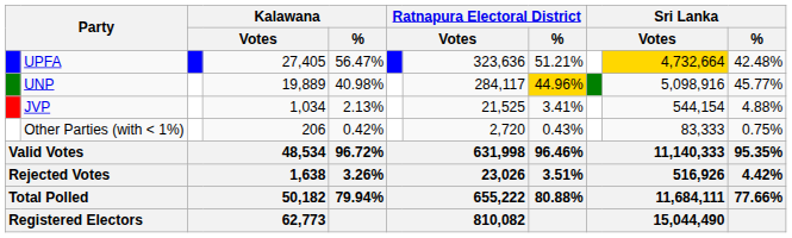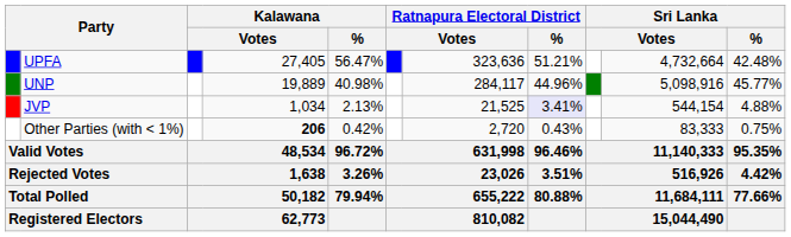 <table class="wikitable">
 <tr>
 <th colspan="2" width="144px"rowspan="2">Party</th>
 <th colspan="3" width="216px">Kalawana</th>
 <th colspan="3" width="216px"><a href='#'>Ratnapura Electoral District</a></th>
 <th colspan="3" width="216px">Sri Lanka</th>
 </tr>
 <tr>
 <th colspan="2" width="144px">Votes</th>
 <th>%</th>
 <th colspan="2" width="144px">Votes</th>
 <th>%</th>
 <th colspan="2" width="144px">Votes</th>
 <th>%</th>
 </tr>
 <tr>
 <td style="background-color:blue;" width="10px"></td>
 <td style="text-align:left;"><a href='#'>UPFA</a></td>
 <td style="background-color:blue;" width="10px"></td>
 <td style="text-align:right;">27,405</td>
 <td style="text-align:right;">56.47%</td>
 <td style="background-color:blue;" width="10px"></td>
 <td style="text-align:right;">323,636</td>
 <td style="text-align:right;">51.21%</td>
 <td style="background-color:white;" width="10px"></td>
-<td style="background: gold; text-align:right;">4,732,664</td>
+<td style="text-align:right;">4,732,664</td>
 <td style="text-align:right;">42.48%</td>
 </tr>
 <tr>
 <td style="background-color:green;" width="10px"></td>
 <td style="text-align:left;"><a href='#'>UNP</a></td>
 <td style="background-color:white;" width="10px"></td>
 <td style="text-align:right;">19,889</td>
 <td style="text-align:right;">40.98%</td>
 <td style="background-color:white;" width="10px"></td>
 <td style="text-align:right;">284,117</td>
-<td style="background: gold; text-align:right;">44.96%</td>
+<td style="text-align:right;">44.96%</td>
 <td style="background-color:green;" width="10px"></td>
 <td style="text-align:right;">5,098,916</td>
 <td style="text-align:right;">45.77%</td>
 </tr>
 <tr>
 <td style="background-color:red;" width="10px"></td>
 <td style="text-align:left;"><a href='#'>JVP</a></td>
 <td style="background-color:white;" width="10px"></td>
 <td style="text-align:right;">1,034</td>
 <td style="text-align:right;">2.13%</td>
 <td style="background-color:white;" width="10px"></td>
 <td style="text-align:right;">21,525</td>
-<td style="text-align:right;">3.41%</td>
+<td style="background: lavender; text-align:right;">3.41%</td>
 <td style="background-color:white;" width="10px"></td>
 <td style="text-align:right;">544,154</td>
 <td style="text-align:right;">4.88%</td>
 </tr>
 <tr>
 <td style="background-color:white;" width="10px"></td>
 <td style="text-align:left;">Other Parties (with < 1%)</td>
 <td style="background-color:white;" width="10px"></td>
-<td style="text-align:right;">206</td>
+<td style="text-align:right;"><strong>206</strong></td>
 <td style="text-align:right;">0.42%</td>
 <td style="background-color:white;" width="10px"></td>
 <td style="text-align:right;">2,720</td>
 <td style="text-align:right;">0.43%</td>
 <td style="background-color:white;" width="10px"></td>
 <td style="text-align:right;">83,333</td>
 <td style="text-align:right;">0.75%</td>
 </tr>
 <tr>
 <th colspan="2" width="144px"style="text-align:left;">Valid Votes</th>
 <th style="text-align:right;"colspan="2" width="144px">48,534</th>
 <th style="text-align:right;">96.72%</th>
 <th style="text-align:right;"colspan="2" width="144px">631,998</th>
 <th style="text-align:right;">96.46%</th>
 <th style="text-align:right;"colspan="2" width="144px">11,140,333</th>
 <th style="text-align:right;">95.35%</th>
 </tr>
 <tr>
 <th colspan="2" width="144px"style="text-align:left;">Rejected Votes</th>
 <th style="text-align:right;"colspan="2" width="144px">1,638</th>
 <th style="text-align:right;">3.26%</th>
 <th style="text-align:right;"colspan="2" width="144px">23,026</th>
 <th style="text-align:right;">3.51%</th>
 <th style="text-align:right;"colspan="2" width="144px">516,926</th>
 <th style="text-align:right;">4.42%</th>
 </tr>
 <tr>
 <th colspan="2" width="144px"style="text-align:left;">Total Polled</th>
 <th style="text-align:right;"colspan="2" width="144px">50,182</th>
 <th style="text-align:right;">79.94%</th>
 <th style="text-align:right;"colspan="2" width="144px">655,222</th>
 <th style="text-align:right;">80.88%</th>
 <th style="text-align:right;"colspan="2" width="144px">11,684,111</th>
 <th style="text-align:right;">77.66%</th>
 </tr>
 <tr>
 <th colspan="2" width="144px"style="text-align:left;">Registered Electors</th>
 <th style="text-align:right;"colspan="2" width="144px">62,773</th>
 <th></th>
 <th style="text-align:right;"colspan="2" width="144px">810,082</th>
 <th></th>
 <th style="text-align:right;"colspan="2" width="144px">15,044,490</th>
 <th></th>
 </tr>
 </table>
